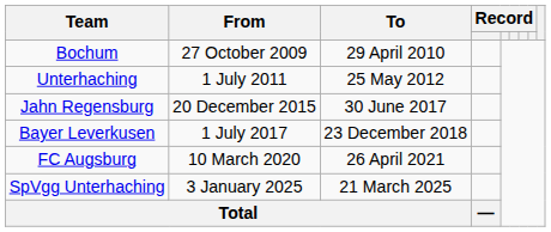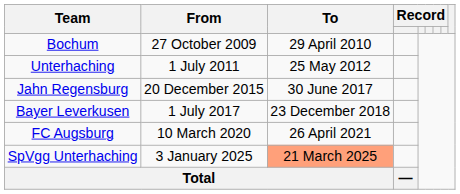 <table class="wikitable" style="text-align: center">
 <tr>
 <th rowspan="2">Team</th>
 <th rowspan="2">From</th>
 <th rowspan="2">To</th>
 <th colspan="5">Record</th>
 <th rowspan="2"></th>
 </tr>
 <tr>
 <th></th>
 <th></th>
 <th></th>
 <th></th>
 <th></th>
 </tr>
 <tr>
 <td><a href='#'>Bochum</a></td>
 <td>27 October 2009</td>
 <td>29 April 2010<br></td>
 <td></td>
 </tr>
 <tr>
 <td><a href='#'>Unterhaching</a></td>
 <td>1 July 2011</td>
 <td>25 May 2012<br></td>
 <td></td>
 </tr>
 <tr>
 <td><a href='#'>Jahn Regensburg</a></td>
 <td>20 December 2015</td>
 <td>30 June 2017<br></td>
 <td></td>
 </tr>
 <tr>
 <td><a href='#'>Bayer Leverkusen</a></td>
 <td>1 July 2017</td>
 <td>23 December 2018<br></td>
 <td></td>
 </tr>
 <tr>
 <td><a href='#'>FC Augsburg</a></td>
 <td>10 March 2020</td>
 <td>26 April 2021<br></td>
 <td></td>
 </tr>
 <tr>
 <td><a href='#'>SpVgg Unterhaching</a></td>
 <td>3 January 2025</td>
-<td>21 March 2025<br></td>
+<td style="background: lightsalmon;">21 March 2025<br></td>
 <td></td>
 </tr>
 <tr>
 <th colspan="3">Total<br></th>
 <th>—</th>
 </tr>
 </table>
